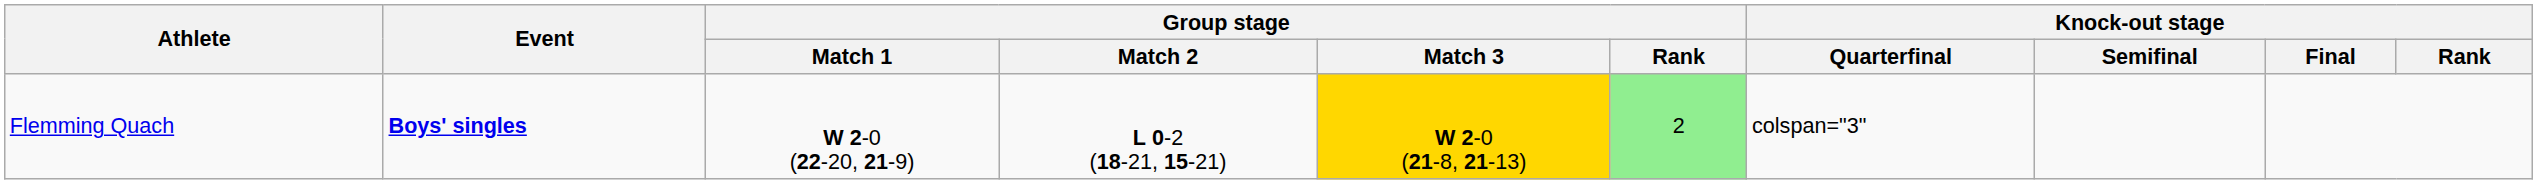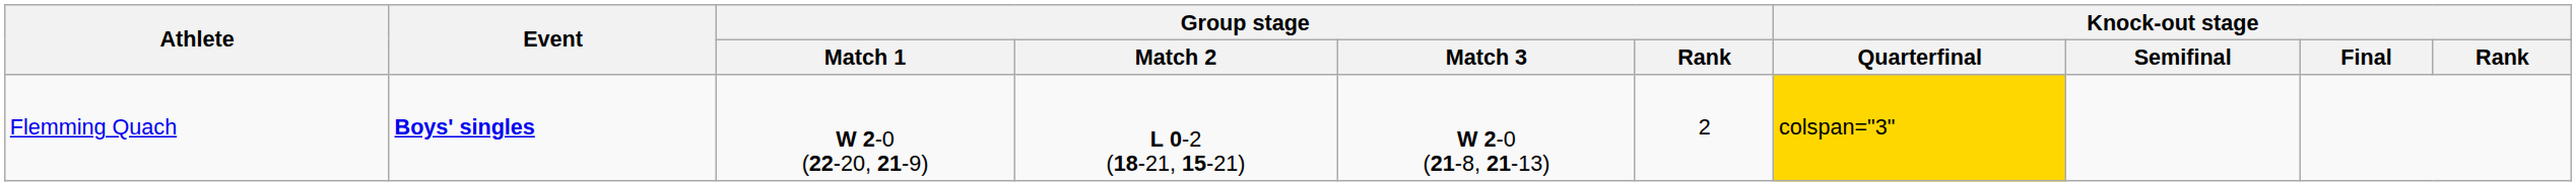 <table class="wikitable" width="85%" style="text-align:left; font-size:90%">
 <tr>
 <th rowspan=2>Athlete</th>
 <th rowspan=2>Event</th>
 <th colspan=4>Group stage</th>
 <th colspan=4>Knock-out stage</th>
 </tr>
 <tr>
 <th>Match 1</th>
 <th>Match 2</th>
 <th>Match 3</th>
 <th>Rank</th>
 <th>Quarterfinal</th>
 <th>Semifinal</th>
 <th>Final</th>
 <th>Rank</th>
 </tr>
 <tr>
 <td><a href='#'>Flemming Quach</a></td>
 <td><strong><a href='#'>Boys' singles</a></strong></td>
 <td align=center> <br><br><strong>W</strong> <strong>2</strong>-0 <br> (<strong>22</strong>-20, <strong>21</strong>-9)</td>
 <td align=center> <br><br><strong>L</strong> <strong>0</strong>-2 <br> (<strong>18</strong>-21, <strong>15</strong>-21)</td>
-<td align=center style="background: gold;"> <br><br><strong>W</strong> <strong>2</strong>-0 <br> (<strong>21</strong>-8, <strong>21</strong>-13)</td>
-<td align=center style="background: lightgreen;">2</td>
-<td>colspan="3" </td>
+<td align=center> <br><br><strong>W</strong> <strong>2</strong>-0 <br> (<strong>21</strong>-8, <strong>21</strong>-13)</td>
+<td align=center>2</td>
+<td style="background: gold;">colspan="3" </td>
 <td></td>
 </tr>
 </table>
